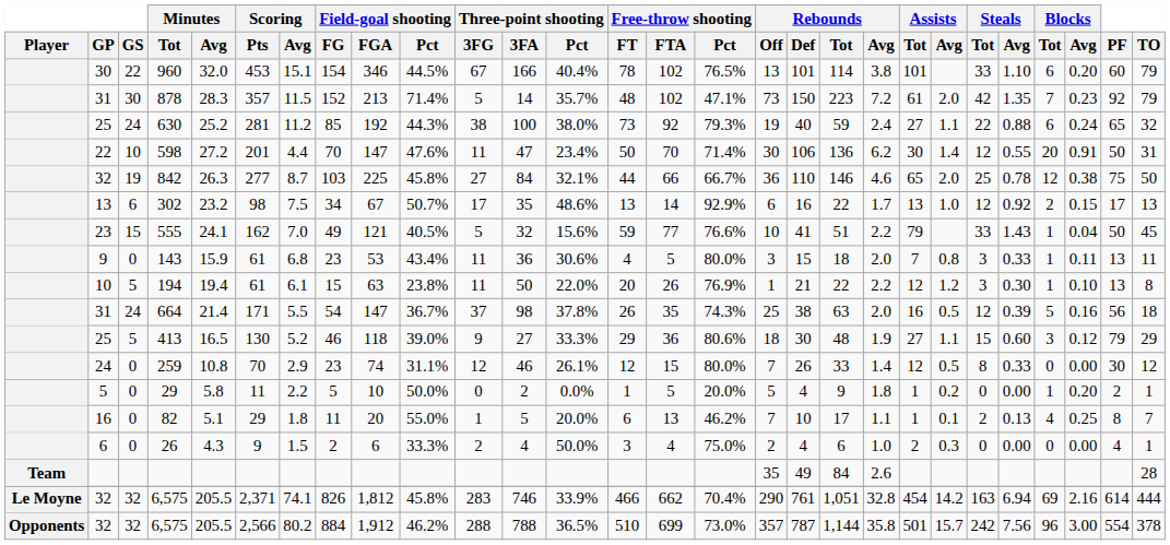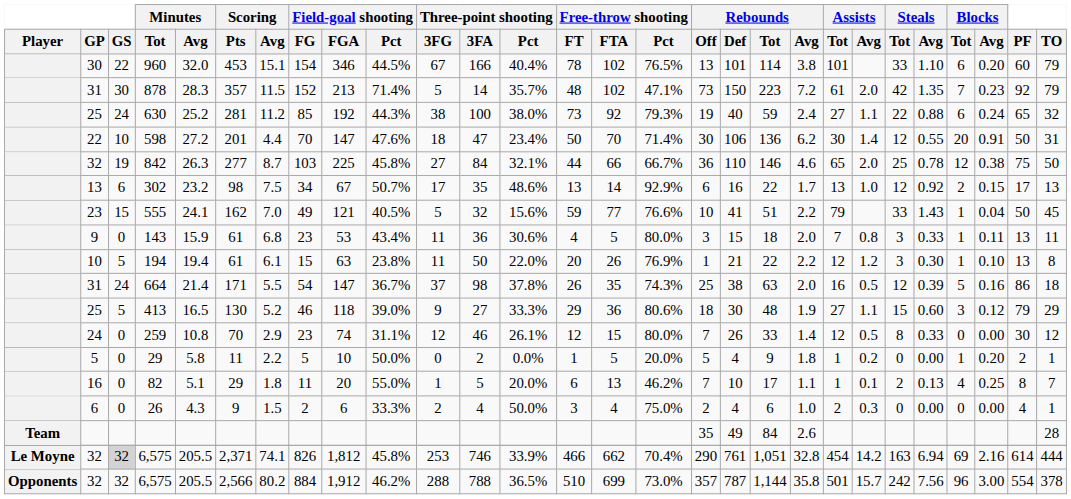 <table class="wikitable sortable" border="1" style="font-size:90%; text-align:center;">
 <tr>
 <th colspan="3" style="background:white; border-top-style:hidden; border-left-style:hidden;"> </th>
 <th colspan="2">Minutes</th>
 <th colspan="2">Scoring</th>
 <th colspan="3"><a href='#'><span>Field-goal</span></a> shooting</th>
 <th colspan="3">Three-point shooting</th>
 <th colspan="3"><a href='#'><span>Free-throw</span></a> shooting</th>
 <th colspan="4"><a href='#'><span>Rebounds</span></a></th>
 <th colspan="2"><a href='#'><span>Assists</span></a></th>
 <th colspan="2"><a href='#'><span>Steals</span></a></th>
 <th colspan="2"><a href='#'><span>Blocks</span></a></th>
 <th colspan="2" style="background:white; border-top-style:hidden; border-right-style:hidden;"> </th>
 </tr>
 <tr>
 <th scope="col">Player</th>
 <th scope="col">GP</th>
 <th scope="col">GS</th>
 <th scope="col">Tot</th>
 <th scope="col">Avg</th>
 <th scope="col">Pts</th>
 <th scope="col">Avg</th>
 <th scope="col">FG</th>
 <th scope="col">FGA</th>
 <th scope="col">Pct</th>
 <th scope="col">3FG</th>
 <th scope="col">3FA</th>
 <th scope="col">Pct</th>
 <th scope="col">FT</th>
 <th scope="col">FTA</th>
 <th scope="col">Pct</th>
 <th scope="col">Off</th>
 <th scope="col">Def</th>
 <th scope="col">Tot</th>
 <th scope="col">Avg</th>
 <th scope="col">Tot</th>
 <th scope="col">Avg</th>
 <th scope="col">Tot</th>
 <th scope="col">Avg</th>
 <th scope="col">Tot</th>
 <th scope="col">Avg</th>
 <th scope="col">PF</th>
 <th scope="col">TO</th>
 </tr>
 <tr>
 <th style="position: sticky; left: 0; white-space:nowrap"></th>
 <td>30</td>
 <td>22</td>
 <td>960</td>
 <td>32.0</td>
 <td>453</td>
 <td>15.1</td>
 <td>154</td>
 <td>346</td>
 <td>44.5%</td>
 <td>67</td>
 <td>166</td>
 <td>40.4%</td>
 <td>78</td>
 <td>102</td>
 <td>76.5%</td>
 <td>13</td>
 <td>101</td>
 <td>114</td>
 <td>3.8</td>
 <td>101</td>
 <td></td>
 <td>33</td>
 <td>1.10</td>
 <td>6</td>
 <td>0.20</td>
 <td>60</td>
 <td>79</td>
 </tr>
 <tr>
 <th style="position: sticky; left: 0; white-space:nowrap"></th>
 <td>31</td>
 <td>30</td>
 <td>878</td>
 <td>28.3</td>
 <td>357</td>
 <td>11.5</td>
 <td>152</td>
 <td>213</td>
 <td>71.4%</td>
 <td>5</td>
 <td>14</td>
 <td>35.7%</td>
 <td>48</td>
 <td>102</td>
 <td>47.1%</td>
 <td>73</td>
 <td>150</td>
 <td>223</td>
 <td>7.2</td>
 <td>61</td>
 <td>2.0</td>
 <td>42</td>
 <td>1.35</td>
 <td>7</td>
 <td>0.23</td>
 <td>92</td>
 <td>79</td>
 </tr>
 <tr>
 <th style="position: sticky; left: 0; white-space:nowrap"></th>
 <td>25</td>
 <td>24</td>
 <td>630</td>
 <td>25.2</td>
 <td>281</td>
 <td>11.2</td>
 <td>85</td>
 <td>192</td>
 <td>44.3%</td>
 <td>38</td>
 <td>100</td>
 <td>38.0%</td>
 <td>73</td>
 <td>92</td>
 <td>79.3%</td>
 <td>19</td>
 <td>40</td>
 <td>59</td>
 <td>2.4</td>
 <td>27</td>
 <td>1.1</td>
 <td>22</td>
 <td>0.88</td>
 <td>6</td>
 <td>0.24</td>
 <td>65</td>
 <td>32</td>
 </tr>
 <tr>
 <th style="position: sticky; left: 0; white-space:nowrap"></th>
 <td>22</td>
 <td>10</td>
 <td>598</td>
 <td>27.2</td>
 <td>201</td>
 <td>4.4</td>
 <td>70</td>
 <td>147</td>
 <td>47.6%</td>
-<td>11</td>
+<td>18</td>
 <td>47</td>
 <td>23.4%</td>
 <td>50</td>
 <td>70</td>
 <td>71.4%</td>
 <td>30</td>
 <td>106</td>
 <td>136</td>
 <td>6.2</td>
 <td>30</td>
 <td>1.4</td>
 <td>12</td>
 <td>0.55</td>
 <td>20</td>
 <td>0.91</td>
 <td>50</td>
 <td>31</td>
 </tr>
 <tr>
 <th style="position: sticky; left: 0; white-space:nowrap"></th>
 <td>32</td>
 <td>19</td>
 <td>842</td>
 <td>26.3</td>
 <td>277</td>
 <td>8.7</td>
 <td>103</td>
 <td>225</td>
 <td>45.8%</td>
 <td>27</td>
 <td>84</td>
 <td>32.1%</td>
 <td>44</td>
 <td>66</td>
 <td>66.7%</td>
 <td>36</td>
 <td>110</td>
 <td>146</td>
 <td>4.6</td>
 <td>65</td>
 <td>2.0</td>
 <td>25</td>
 <td>0.78</td>
 <td>12</td>
 <td>0.38</td>
 <td>75</td>
 <td>50</td>
 </tr>
 <tr>
 <th style="position: sticky; left: 0; white-space:nowrap"></th>
 <td>13</td>
 <td>6</td>
 <td>302</td>
 <td>23.2</td>
 <td>98</td>
 <td>7.5</td>
 <td>34</td>
 <td>67</td>
 <td>50.7%</td>
 <td>17</td>
 <td>35</td>
 <td>48.6%</td>
 <td>13</td>
 <td>14</td>
 <td>92.9%</td>
 <td>6</td>
 <td>16</td>
 <td>22</td>
 <td>1.7</td>
 <td>13</td>
 <td>1.0</td>
 <td>12</td>
 <td>0.92</td>
 <td>2</td>
 <td>0.15</td>
 <td>17</td>
 <td>13</td>
 </tr>
 <tr>
 <th style="position: sticky; left: 0; white-space:nowrap"></th>
 <td>23</td>
 <td>15</td>
 <td>555</td>
 <td>24.1</td>
 <td>162</td>
 <td>7.0</td>
 <td>49</td>
 <td>121</td>
 <td>40.5%</td>
 <td>5</td>
 <td>32</td>
 <td>15.6%</td>
 <td>59</td>
 <td>77</td>
 <td>76.6%</td>
 <td>10</td>
 <td>41</td>
 <td>51</td>
 <td>2.2</td>
 <td>79</td>
 <td></td>
 <td>33</td>
 <td>1.43</td>
 <td>1</td>
 <td>0.04</td>
 <td>50</td>
 <td>45</td>
 </tr>
 <tr>
 <th style="position: sticky; left: 0; white-space:nowrap"></th>
 <td>9</td>
 <td>0</td>
 <td>143</td>
 <td>15.9</td>
 <td>61</td>
 <td>6.8</td>
 <td>23</td>
 <td>53</td>
 <td>43.4%</td>
 <td>11</td>
 <td>36</td>
 <td>30.6%</td>
 <td>4</td>
 <td>5</td>
 <td>80.0%</td>
 <td>3</td>
 <td>15</td>
 <td>18</td>
 <td>2.0</td>
 <td>7</td>
 <td>0.8</td>
 <td>3</td>
 <td>0.33</td>
 <td>1</td>
 <td>0.11</td>
 <td>13</td>
 <td>11</td>
 </tr>
 <tr>
 <th style="position: sticky; left: 0; white-space:nowrap"></th>
 <td>10</td>
 <td>5</td>
 <td>194</td>
 <td>19.4</td>
 <td>61</td>
 <td>6.1</td>
 <td>15</td>
 <td>63</td>
 <td>23.8%</td>
 <td>11</td>
 <td>50</td>
 <td>22.0%</td>
 <td>20</td>
 <td>26</td>
 <td>76.9%</td>
 <td>1</td>
 <td>21</td>
 <td>22</td>
 <td>2.2</td>
 <td>12</td>
 <td>1.2</td>
 <td>3</td>
 <td>0.30</td>
 <td>1</td>
 <td>0.10</td>
 <td>13</td>
 <td>8</td>
 </tr>
 <tr>
 <th style="position: sticky; left: 0; white-space:nowrap"></th>
 <td>31</td>
 <td>24</td>
 <td>664</td>
 <td>21.4</td>
 <td>171</td>
 <td>5.5</td>
 <td>54</td>
 <td>147</td>
 <td>36.7%</td>
 <td>37</td>
 <td>98</td>
 <td>37.8%</td>
 <td>26</td>
 <td>35</td>
 <td>74.3%</td>
 <td>25</td>
 <td>38</td>
 <td>63</td>
 <td>2.0</td>
 <td>16</td>
 <td>0.5</td>
 <td>12</td>
 <td>0.39</td>
 <td>5</td>
 <td>0.16</td>
-<td>56</td>
+<td>86</td>
 <td>18</td>
 </tr>
 <tr>
 <th style="position: sticky; left: 0; white-space:nowrap"></th>
 <td>25</td>
 <td>5</td>
 <td>413</td>
 <td>16.5</td>
 <td>130</td>
 <td>5.2</td>
 <td>46</td>
 <td>118</td>
 <td>39.0%</td>
 <td>9</td>
 <td>27</td>
 <td>33.3%</td>
 <td>29</td>
 <td>36</td>
 <td>80.6%</td>
 <td>18</td>
 <td>30</td>
 <td>48</td>
 <td>1.9</td>
 <td>27</td>
 <td>1.1</td>
 <td>15</td>
 <td>0.60</td>
 <td>3</td>
 <td>0.12</td>
 <td>79</td>
 <td>29</td>
 </tr>
 <tr>
 <th style="position: sticky; left: 0; white-space:nowrap"></th>
 <td>24</td>
 <td>0</td>
 <td>259</td>
 <td>10.8</td>
 <td>70</td>
 <td>2.9</td>
 <td>23</td>
 <td>74</td>
 <td>31.1%</td>
 <td>12</td>
 <td>46</td>
 <td>26.1%</td>
 <td>12</td>
 <td>15</td>
 <td>80.0%</td>
 <td>7</td>
 <td>26</td>
 <td>33</td>
 <td>1.4</td>
 <td>12</td>
 <td>0.5</td>
 <td>8</td>
 <td>0.33</td>
 <td>0</td>
 <td>0.00</td>
 <td>30</td>
 <td>12</td>
 </tr>
 <tr>
 <th style="position: sticky; left: 0; white-space:nowrap"></th>
 <td>5</td>
 <td>0</td>
 <td>29</td>
 <td>5.8</td>
 <td>11</td>
 <td>2.2</td>
 <td>5</td>
 <td>10</td>
 <td>50.0%</td>
 <td>0</td>
 <td>2</td>
 <td>0.0%</td>
 <td>1</td>
 <td>5</td>
 <td>20.0%</td>
 <td>5</td>
 <td>4</td>
 <td>9</td>
 <td>1.8</td>
 <td>1</td>
 <td>0.2</td>
 <td>0</td>
 <td>0.00</td>
 <td>1</td>
 <td>0.20</td>
 <td>2</td>
 <td>1</td>
 </tr>
 <tr>
 <th style="position: sticky; left: 0; white-space:nowrap"></th>
 <td>16</td>
 <td>0</td>
 <td>82</td>
 <td>5.1</td>
 <td>29</td>
 <td>1.8</td>
 <td>11</td>
 <td>20</td>
 <td>55.0%</td>
 <td>1</td>
 <td>5</td>
 <td>20.0%</td>
 <td>6</td>
 <td>13</td>
 <td>46.2%</td>
 <td>7</td>
 <td>10</td>
 <td>17</td>
 <td>1.1</td>
 <td>1</td>
 <td>0.1</td>
 <td>2</td>
 <td>0.13</td>
 <td>4</td>
 <td>0.25</td>
 <td>8</td>
 <td>7</td>
 </tr>
 <tr>
 <th style="position: sticky; left: 0; white-space:nowrap"></th>
 <td>6</td>
 <td>0</td>
 <td>26</td>
 <td>4.3</td>
 <td>9</td>
 <td>1.5</td>
 <td>2</td>
 <td>6</td>
 <td>33.3%</td>
 <td>2</td>
 <td>4</td>
 <td>50.0%</td>
 <td>3</td>
 <td>4</td>
 <td>75.0%</td>
 <td>2</td>
 <td>4</td>
 <td>6</td>
 <td>1.0</td>
 <td>2</td>
 <td>0.3</td>
 <td>0</td>
 <td>0.00</td>
 <td>0</td>
 <td>0.00</td>
 <td>4</td>
 <td>1</td>
 </tr>
 <tr class="sortbottom">
 <th style="position: sticky; left: 0; white-space:nowrap">Team</th>
 <td></td>
 <td></td>
 <td></td>
 <td></td>
 <td></td>
 <td></td>
 <td></td>
 <td></td>
 <td></td>
 <td></td>
 <td></td>
 <td></td>
 <td></td>
 <td></td>
 <td></td>
 <td>35</td>
 <td>49</td>
 <td>84</td>
 <td>2.6</td>
 <td></td>
 <td></td>
 <td></td>
 <td></td>
 <td></td>
 <td></td>
 <td></td>
 <td>28</td>
 </tr>
 <tr>
 </tr>
 <tr>
 </tr>
 <tr>
 </tr>
 <tr class="sortbottom">
 <th align="center" style="position: sticky; left: 0; white-space:nowrap" >Le Moyne</th>
 <td align="center">32</td>
-<td align="center">32</td>
+<td align="center" style="background: lightgrey;">32</td>
 <td align="center">6,575</td>
 <td align="center">205.5</td>
 <td align="center">2,371</td>
 <td align="center">74.1</td>
 <td align="center">826</td>
 <td align="center">1,812</td>
 <td align="center">45.8%</td>
-<td align="center">283</td>
+<td align="center">253</td>
 <td align="center">746</td>
 <td align="center">33.9%</td>
 <td align="center">466</td>
 <td align="center">662</td>
 <td align="center">70.4%</td>
 <td align="center">290</td>
 <td align="center">761</td>
 <td align="center">1,051</td>
 <td align="center">32.8</td>
 <td align="center">454</td>
 <td align="center">14.2</td>
 <td align="center">163</td>
 <td align="center">6.94</td>
 <td align="center">69</td>
 <td align="center">2.16</td>
 <td align="center">614</td>
 <td align="center">444</td>
 </tr>
 <tr class="sortbottom">
 <th style="position: sticky; left: 0; white-space:nowrap">Opponents</th>
 <td>32</td>
 <td>32</td>
 <td>6,575</td>
 <td>205.5</td>
 <td>2,566</td>
 <td>80.2</td>
 <td>884</td>
 <td>1,912</td>
 <td>46.2%</td>
 <td>288</td>
 <td>788</td>
 <td>36.5%</td>
 <td>510</td>
 <td>699</td>
 <td>73.0%</td>
 <td>357</td>
 <td>787</td>
 <td>1,144</td>
 <td>35.8</td>
 <td>501</td>
 <td>15.7</td>
 <td>242</td>
 <td>7.56</td>
 <td>96</td>
 <td>3.00</td>
 <td>554</td>
 <td>378</td>
 </tr>
 </table>
